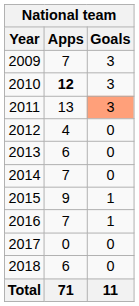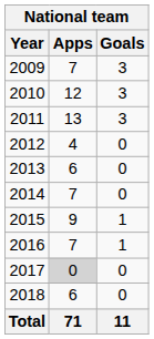 <table class="wikitable" style="text-align:center">
 <tr>
 <th colspan=3>National team</th>
 </tr>
 <tr>
 <th>Year</th>
 <th>Apps</th>
 <th>Goals</th>
 </tr>
 <tr>
 <td>2009</td>
 <td>7</td>
 <td>3</td>
 </tr>
 <tr>
 <td>2010</td>
-<td><strong>12</strong></td>
+<td>12</td>
 <td>3</td>
 </tr>
 <tr>
 <td>2011</td>
 <td>13</td>
-<td style="background: lightsalmon;">3</td>
+<td>3</td>
 </tr>
 <tr>
 <td>2012</td>
 <td>4</td>
 <td>0</td>
 </tr>
 <tr>
 <td>2013</td>
 <td>6</td>
 <td>0</td>
 </tr>
 <tr>
 <td>2014</td>
 <td>7</td>
 <td>0</td>
 </tr>
 <tr>
 <td>2015</td>
 <td>9</td>
 <td>1</td>
 </tr>
 <tr>
 <td>2016</td>
 <td>7</td>
 <td>1</td>
 </tr>
 <tr>
 <td>2017</td>
-<td>0</td>
+<td style="background: lightgrey;">0</td>
 <td>0</td>
 </tr>
 <tr>
 <td>2018</td>
 <td>6</td>
 <td>0</td>
 </tr>
 <tr>
 <th>Total</th>
 <th>71</th>
 <th>11</th>
 </tr>
 </table>
